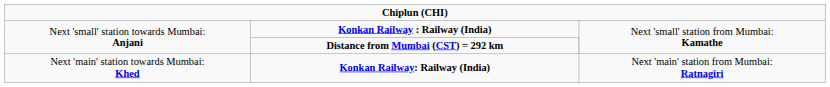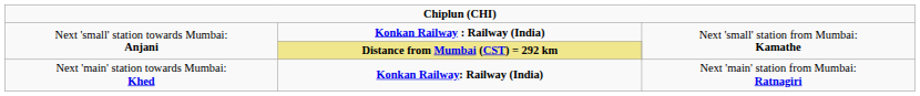 <table class="wikitable" style="text-align:center; width:100%;">
 <tr>
 <td colspan="4"><strong>Chiplun (CHI)</strong></td>
 </tr>
 <tr>
 <td style="width:30%;" rowspan="2">Next 'small' station towards Mumbai:<br><strong>Anjani</strong></td>
 <td style="width:40%;" colspan="2"><strong><a href='#'>Konkan Railway</a> : Railway (India)</strong></td>
 <td style="width:30%;" rowspan="2">Next 'small' station from Mumbai:<br><strong>Kamathe</strong></td>
 </tr>
 <tr>
-<td><strong>Distance from <a href='#'>Mumbai</a> (<a href='#'>CST</a>) = 292 km</strong></td>
+<td style="background: khaki;"><strong>Distance from <a href='#'>Mumbai</a> (<a href='#'>CST</a>) = 292 km</strong></td>
 </tr>
 <tr>
 <td style="width:30%;" rowspan="2">Next 'main' station towards Mumbai:<br><strong><a href='#'>Khed</a></strong></td>
 <td style="width:40%;" colspan="2"><strong><a href='#'>Konkan Railway</a>: Railway (India)</strong></td>
 <td style="width:30%;" rowspan="2">Next 'main' station from Mumbai:<br><strong><a href='#'>Ratnagiri</a></strong></td>
 </tr>
 </table>
